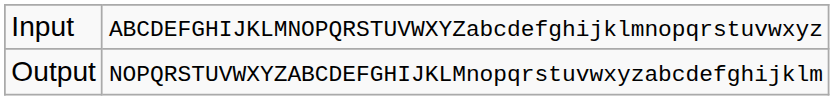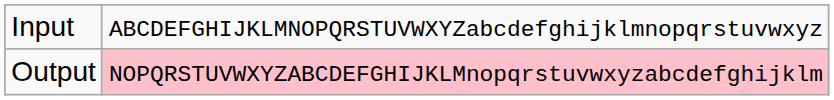 <table class="wikitable">
 <tr>
 <td>Input</td>
 <td><kbd><span>ABCDEFGHIJKLM</span><span>NOPQRSTUVWXYZ</span><span>abcdefghijklm</span><span>nopqrstuvwxyz</span></kbd></td>
 </tr>
 <tr>
 <td>Output</td>
-<td><kbd><span>NOPQRSTUVWXYZ</span><span>ABCDEFGHIJKLM</span><span>nopqrstuvwxyz</span><span>abcdefghijklm</span></kbd></td>
+<td style="background: pink;"><kbd><span>NOPQRSTUVWXYZ</span><span>ABCDEFGHIJKLM</span><span>nopqrstuvwxyz</span><span>abcdefghijklm</span></kbd></td>
 </tr>
 </table>
